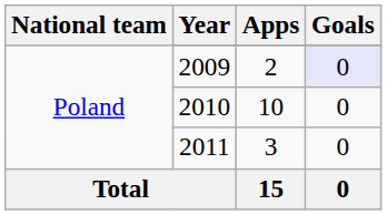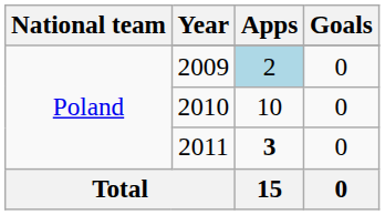 <table class="wikitable" style="text-align:center">
 <tr>
 <th>National team</th>
 <th>Year</th>
 <th>Apps</th>
 <th>Goals</th>
 </tr>
 <tr>
 <td rowspan=4><a href='#'>Poland</a></td>
 </tr>
 <tr>
 <td>2009</td>
-<td>2</td>
-<td style="background: lavender;">0</td>
+<td style="background: lightblue;">2</td>
+<td>0</td>
 </tr>
 <tr>
 <td>2010</td>
 <td>10</td>
 <td>0</td>
 </tr>
 <tr>
 <td>2011</td>
-<td>3</td>
+<td><strong>3</strong></td>
 <td>0</td>
 </tr>
 <tr>
 <th colspan="2">Total</th>
 <th>15</th>
 <th>0</th>
 </tr>
 </table>
